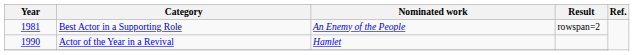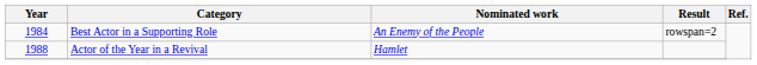 <table class=wikitable>
 <tr>
 <th scope="col" style="width:5em;">Year</th>
 <th scope="col" style="width:26em;">Category</th>
 <th scope="col" style="width:25em;">Nominated work</th>
 <th scope="col" style="width:5em;">Result</th>
 <th>Ref.</th>
 </tr>
 <tr>
-<td style="text-align:center;"><a href='#'>1981</a></td>
+<td style="text-align:center;"><a href='#'>1984</a></td>
 <td><a href='#'>Best Actor in a Supporting Role</a></td>
 <td><em><a href='#'>An Enemy of the People</a></em></td>
 <td>rowspan=2 </td>
 </tr>
 <tr>
-<td style="text-align:center;"><a href='#'>1990</a></td>
+<td style="text-align:center;"><a href='#'>1988</a></td>
 <td><a href='#'>Actor of the Year in a Revival</a></td>
 <td><em><a href='#'>Hamlet</a></em></td>
 <td></td>
 </tr>
 <tr>
 </tr>
 </table>
